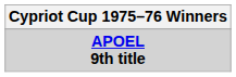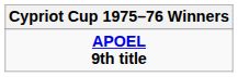 <table class="wikitable" style="text-align:center;margin: 0 auto;">
 <tr>
 <th>Cypriot Cup 1975–76 Winners</th>
 </tr>
 <tr>
 </tr>
 <tr>
-<td style="background: lightgrey;"><strong><a href='#'>APOEL</a></strong><br><strong>9th title</strong></td>
+<td><strong><a href='#'>APOEL</a></strong><br><strong>9th title</strong></td>
 </tr>
 </table>
